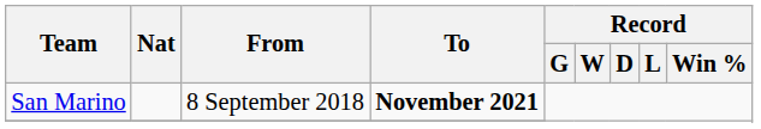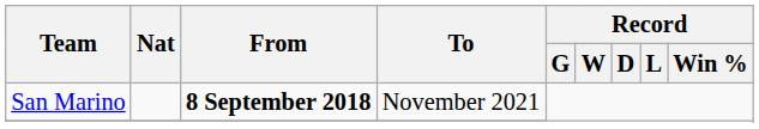 <table class="wikitable" style="text-align: center">
 <tr>
 <th rowspan="2">Team</th>
 <th rowspan="2">Nat</th>
 <th rowspan="2">From</th>
 <th rowspan="2">To</th>
 <th colspan="5">Record</th>
 </tr>
 <tr>
 <th>G</th>
 <th>W</th>
 <th>D</th>
 <th>L</th>
 <th>Win %</th>
 </tr>
 <tr>
 <td align=left><a href='#'>San Marino</a></td>
 <td></td>
-<td align=left>8 September 2018</td>
-<td align=left><strong>November 2021<br></strong></td>
+<td align=left><strong>8 September 2018</strong></td>
+<td align=left>November 2021<br></td>
 </tr>
 <tr>
 </tr>
 </table>
